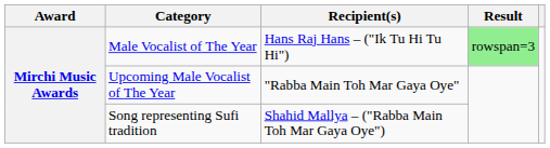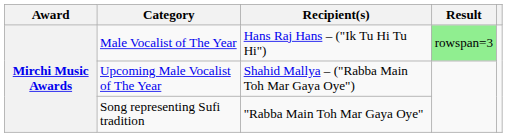 <table class="wikitable plainrowheaders sortable">
 <tr>
 <th scope="col">Award</th>
 <th scope="col">Category</th>
 <th scope="col">Recipient(s)</th>
 <th scope="col" class="unsortable">Result</th>
 <th scope="col" class="unsortable"></th>
 </tr>
 <tr>
 <th scope="row" rowspan=3><a href='#'>Mirchi Music Awards</a></th>
 <td><a href='#'>Male Vocalist of The Year</a></td>
 <td><a href='#'>Hans Raj Hans</a> – ("Ik Tu Hi Tu Hi")</td>
 <td style="background: lightgreen;">rowspan=3 </td>
 <td style="text-align:center;" rowspan=3></td>
 </tr>
 <tr>
 <td><a href='#'>Upcoming Male Vocalist of The Year</a></td>
-<td>"Rabba Main Toh Mar Gaya Oye"</td>
+<td><a href='#'>Shahid Mallya</a> – ("Rabba Main Toh Mar Gaya Oye")</td>
 </tr>
 <tr>
 <td>Song representing Sufi tradition</td>
-<td><a href='#'>Shahid Mallya</a> – ("Rabba Main Toh Mar Gaya Oye")</td>
+<td>"Rabba Main Toh Mar Gaya Oye"</td>
 </tr>
 </table>
